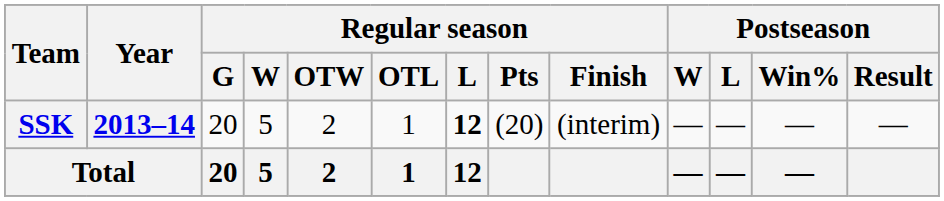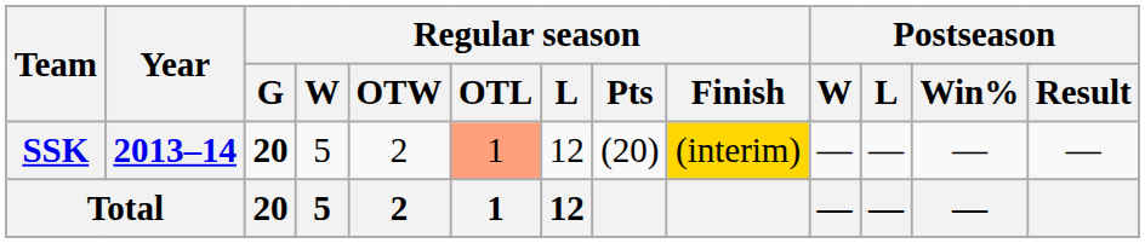 <table class="wikitable" style="font-size:95%; text-align:center;">
 <tr>
 <th rowspan="2">Team</th>
 <th rowspan="2">Year</th>
 <th colspan="7">Regular season</th>
 <th colspan="4">Postseason</th>
 </tr>
 <tr>
 <th>G</th>
 <th>W</th>
 <th>OTW</th>
 <th>OTL</th>
 <th>L</th>
 <th>Pts</th>
 <th>Finish</th>
 <th>W</th>
 <th>L</th>
 <th>Win%</th>
 <th>Result</th>
 </tr>
 <tr>
 <th><a href='#'>SSK</a></th>
 <th><a href='#'>2013–14</a></th>
-<td>20</td>
+<td><strong>20</strong></td>
 <td>5</td>
 <td>2</td>
-<td>1</td>
-<td><strong>12</strong></td>
+<td style="background: lightsalmon;">1</td>
+<td>12</td>
 <td>(20)</td>
-<td>(interim)</td>
+<td style="background: gold;">(interim)</td>
 <td>—</td>
 <td>—</td>
 <td>—</td>
 <td>—</td>
 </tr>
 <tr>
 <th colspan="2">Total</th>
 <th>20</th>
 <th>5</th>
 <th>2</th>
 <th>1</th>
 <th>12</th>
 <th> </th>
 <th> </th>
 <th>—</th>
 <th>—</th>
 <th>—</th>
 <th> </th>
 </tr>
 </table>
